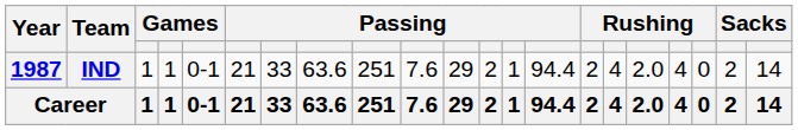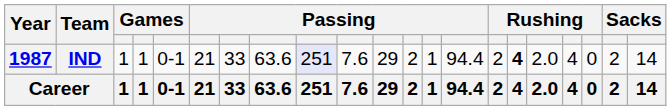 <table class="wikitable" style="text-align:center;">
 <tr>
 <th rowspan="2">Year</th>
 <th rowspan="2">Team</th>
 <th colspan="3">Games</th>
 <th colspan="9">Passing</th>
 <th colspan="5">Rushing</th>
 <th colspan="2">Sacks</th>
 </tr>
 <tr>
 <th></th>
 <th></th>
 <th></th>
 <th></th>
 <th></th>
 <th></th>
 <th></th>
 <th></th>
 <th></th>
 <th></th>
 <th></th>
 <th></th>
 <th></th>
 <th></th>
 <th></th>
 <th></th>
 <th></th>
 <th></th>
 <th></th>
 </tr>
 <tr>
 <th><a href='#'>1987</a></th>
 <th><a href='#'>IND</a></th>
 <td>1</td>
 <td>1</td>
 <td>0-1</td>
 <td>21</td>
 <td>33</td>
 <td>63.6</td>
-<td>251</td>
+<td style="background: lavender;">251</td>
 <td>7.6</td>
 <td>29</td>
 <td>2</td>
 <td>1</td>
 <td>94.4</td>
 <td>2</td>
-<td>4</td>
+<td><strong>4</strong></td>
 <td>2.0</td>
 <td>4</td>
 <td>0</td>
 <td>2</td>
 <td>14</td>
 </tr>
 <tr>
 <th colspan="2">Career</th>
 <th>1</th>
 <th>1</th>
 <th>0-1</th>
 <th>21</th>
 <th>33</th>
 <th>63.6</th>
 <th>251</th>
 <th>7.6</th>
 <th>29</th>
 <th>2</th>
 <th>1</th>
 <th>94.4</th>
 <th>2</th>
 <th>4</th>
 <th>2.0</th>
 <th>4</th>
 <th>0</th>
 <th>2</th>
 <th>14</th>
 </tr>
 </table>
